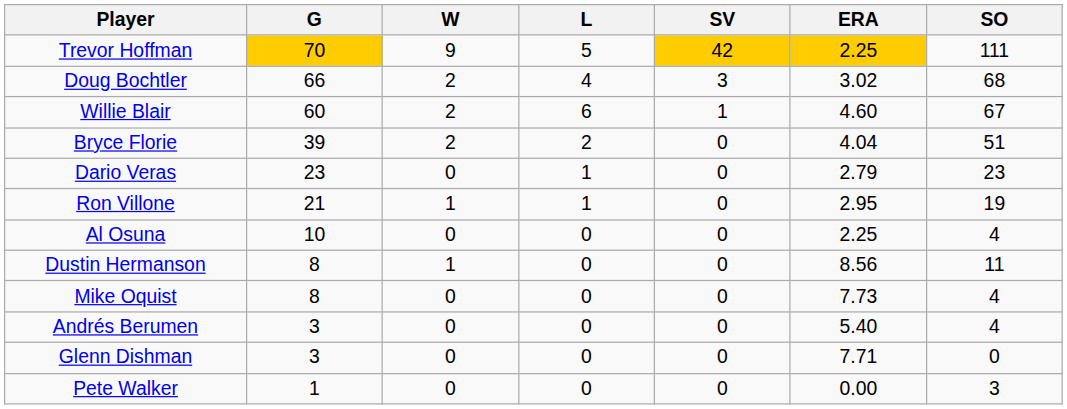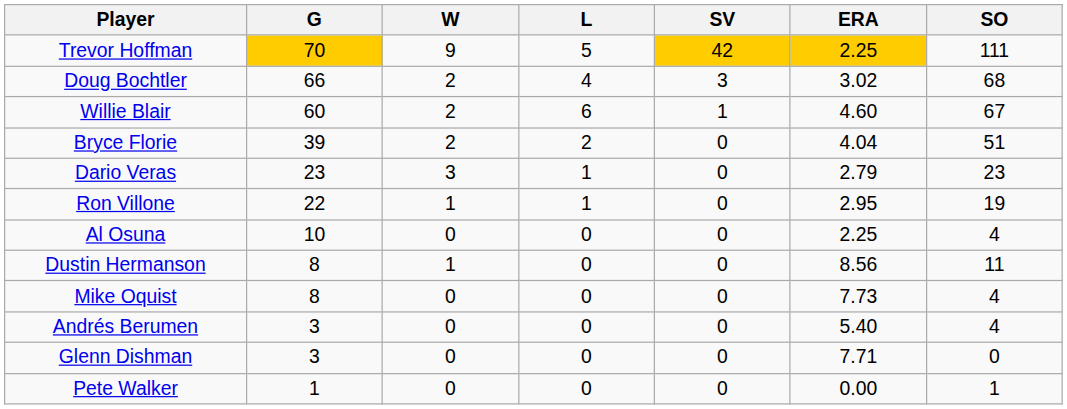 <table class="wikitable sortable">
 <tr>
 <th width="16%">Player</th>
 <th width="9%">G</th>
 <th width="9%">W</th>
 <th width="9%">L</th>
 <th width="9%">SV</th>
 <th width="9%">ERA</th>
 <th width="9%">SO</th>
 </tr>
 <tr align=center>
 <td><a href='#'>Trevor Hoffman</a></td>
 <td style="background:#fc0;">70</td>
 <td>9</td>
 <td>5</td>
 <td style="background:#fc0;">42</td>
 <td style="background:#fc0;">2.25</td>
 <td>111</td>
 </tr>
 <tr align=center>
 <td><a href='#'>Doug Bochtler</a></td>
 <td>66</td>
 <td>2</td>
 <td>4</td>
 <td>3</td>
 <td>3.02</td>
 <td>68</td>
 </tr>
 <tr align=center>
 <td><a href='#'>Willie Blair</a></td>
 <td>60</td>
 <td>2</td>
 <td>6</td>
 <td>1</td>
 <td>4.60</td>
 <td>67</td>
 </tr>
 <tr align=center>
 <td><a href='#'>Bryce Florie</a></td>
 <td>39</td>
 <td>2</td>
 <td>2</td>
 <td>0</td>
 <td>4.04</td>
 <td>51</td>
 </tr>
 <tr align=center>
 <td><a href='#'>Dario Veras</a></td>
 <td>23</td>
-<td>0</td>
+<td>3</td>
 <td>1</td>
 <td>0</td>
 <td>2.79</td>
 <td>23</td>
 </tr>
 <tr align=center>
 <td><a href='#'>Ron Villone</a></td>
-<td>21</td>
+<td>22</td>
 <td>1</td>
 <td>1</td>
 <td>0</td>
 <td>2.95</td>
 <td>19</td>
 </tr>
 <tr align=center>
 <td><a href='#'>Al Osuna</a></td>
 <td>10</td>
 <td>0</td>
 <td>0</td>
 <td>0</td>
 <td>2.25</td>
 <td>4</td>
 </tr>
 <tr align=center>
 <td><a href='#'>Dustin Hermanson</a></td>
 <td>8</td>
 <td>1</td>
 <td>0</td>
 <td>0</td>
 <td>8.56</td>
 <td>11</td>
 </tr>
 <tr align=center>
 <td><a href='#'>Mike Oquist</a></td>
 <td>8</td>
 <td>0</td>
 <td>0</td>
 <td>0</td>
 <td>7.73</td>
 <td>4</td>
 </tr>
 <tr align=center>
 <td><a href='#'>Andrés Berumen</a></td>
 <td>3</td>
 <td>0</td>
 <td>0</td>
 <td>0</td>
 <td>5.40</td>
 <td>4</td>
 </tr>
 <tr align=center>
 <td><a href='#'>Glenn Dishman</a></td>
 <td>3</td>
 <td>0</td>
 <td>0</td>
 <td>0</td>
 <td>7.71</td>
 <td>0</td>
 </tr>
 <tr align=center>
 <td><a href='#'>Pete Walker</a></td>
 <td>1</td>
 <td>0</td>
 <td>0</td>
 <td>0</td>
 <td>0.00</td>
-<td>3</td>
+<td>1</td>
 </tr>
 </table>
